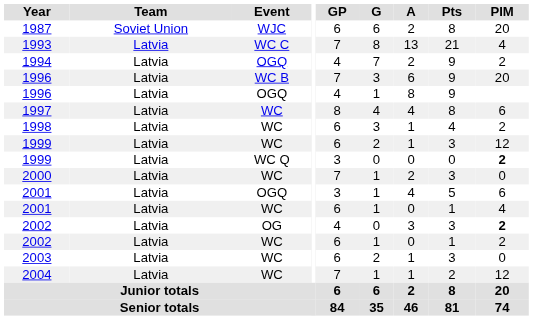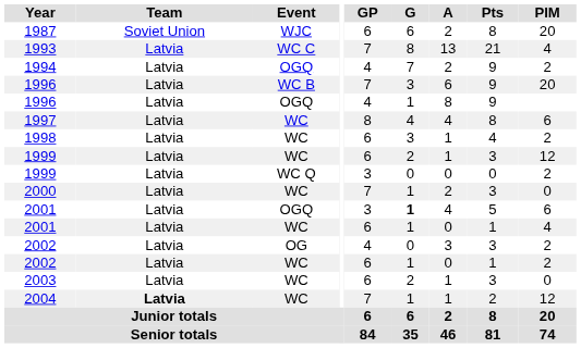 <table border="0" cellpadding="1" cellspacing="0" ID="Table3" style="text-align:center; width:40em">
 <tr bgcolor="#e0e0e0">
 <th>Year</th>
 <th>Team</th>
 <th>Event</th>
 <th rowspan="102" bgcolor="#ffffff"></th>
 <th>GP</th>
 <th>G</th>
 <th>A</th>
 <th>Pts</th>
 <th>PIM</th>
 </tr>
 <tr>
 <td><a href='#'>1987</a></td>
 <td><a href='#'>Soviet Union</a></td>
 <td><a href='#'>WJC</a></td>
 <td>6</td>
 <td>6</td>
 <td>2</td>
 <td>8</td>
 <td>20</td>
 </tr>
 <tr bgcolor="#f0f0f0">
 <td><a href='#'>1993</a></td>
 <td><a href='#'>Latvia</a></td>
 <td><a href='#'>WC C</a></td>
 <td>7</td>
 <td>8</td>
 <td>13</td>
 <td>21</td>
 <td>4</td>
 </tr>
 <tr>
 <td><a href='#'>1994</a></td>
 <td>Latvia</td>
 <td><a href='#'>OGQ</a></td>
 <td>4</td>
 <td>7</td>
 <td>2</td>
 <td>9</td>
 <td>2</td>
 </tr>
 <tr bgcolor="#f0f0f0">
 <td><a href='#'>1996</a></td>
 <td>Latvia</td>
 <td><a href='#'>WC B</a></td>
 <td>7</td>
 <td>3</td>
 <td>6</td>
 <td>9</td>
 <td>20</td>
 </tr>
 <tr>
 <td><a href='#'>1996</a></td>
 <td>Latvia</td>
 <td>OGQ</td>
 <td>4</td>
 <td>1</td>
 <td>8</td>
 <td>9</td>
 <td></td>
 </tr>
 <tr bgcolor="#f0f0f0">
 <td><a href='#'>1997</a></td>
 <td>Latvia</td>
 <td><a href='#'>WC</a></td>
 <td>8</td>
 <td>4</td>
 <td>4</td>
 <td>8</td>
 <td>6</td>
 </tr>
 <tr>
 <td><a href='#'>1998</a></td>
 <td>Latvia</td>
 <td>WC</td>
 <td>6</td>
 <td>3</td>
 <td>1</td>
 <td>4</td>
 <td>2</td>
 </tr>
 <tr bgcolor="#f0f0f0">
 <td><a href='#'>1999</a></td>
 <td>Latvia</td>
 <td>WC</td>
 <td>6</td>
 <td>2</td>
 <td>1</td>
 <td>3</td>
 <td>12</td>
 </tr>
 <tr>
 <td><a href='#'>1999</a></td>
 <td>Latvia</td>
 <td>WC Q</td>
 <td>3</td>
 <td>0</td>
 <td>0</td>
 <td>0</td>
-<td><strong>2</strong></td>
+<td>2</td>
 </tr>
 <tr bgcolor="#f0f0f0">
 <td><a href='#'>2000</a></td>
 <td>Latvia</td>
 <td>WC</td>
 <td>7</td>
 <td>1</td>
 <td>2</td>
 <td>3</td>
 <td>0</td>
 </tr>
 <tr>
 <td><a href='#'>2001</a></td>
 <td>Latvia</td>
 <td>OGQ</td>
 <td>3</td>
-<td>1</td>
+<td><strong>1</strong></td>
 <td>4</td>
 <td>5</td>
 <td>6</td>
 </tr>
 <tr bgcolor="#f0f0f0">
 <td><a href='#'>2001</a></td>
 <td>Latvia</td>
 <td>WC</td>
 <td>6</td>
 <td>1</td>
 <td>0</td>
 <td>1</td>
 <td>4</td>
 </tr>
 <tr>
 <td><a href='#'>2002</a></td>
 <td>Latvia</td>
 <td>OG</td>
 <td>4</td>
 <td>0</td>
 <td>3</td>
 <td>3</td>
-<td><strong>2</strong></td>
+<td>2</td>
 </tr>
 <tr bgcolor="#f0f0f0">
 <td><a href='#'>2002</a></td>
 <td>Latvia</td>
 <td>WC</td>
 <td>6</td>
 <td>1</td>
 <td>0</td>
 <td>1</td>
 <td>2</td>
 </tr>
 <tr>
 <td><a href='#'>2003</a></td>
 <td>Latvia</td>
 <td>WC</td>
 <td>6</td>
 <td>2</td>
 <td>1</td>
 <td>3</td>
 <td>0</td>
 </tr>
 <tr bgcolor="#f0f0f0">
 <td><a href='#'>2004</a></td>
-<td>Latvia</td>
+<td><strong>Latvia</strong></td>
 <td>WC</td>
 <td>7</td>
 <td>1</td>
 <td>1</td>
 <td>2</td>
 <td>12</td>
 </tr>
 <tr bgcolor="#e0e0e0">
 <th colspan="4">Junior totals</th>
 <th>6</th>
 <th>6</th>
 <th>2</th>
 <th>8</th>
 <th>20</th>
 </tr>
 <tr bgcolor="#e0e0e0">
 <th colspan="4">Senior totals</th>
 <th>84</th>
 <th>35</th>
 <th>46</th>
 <th>81</th>
 <th>74</th>
 </tr>
 </table>
